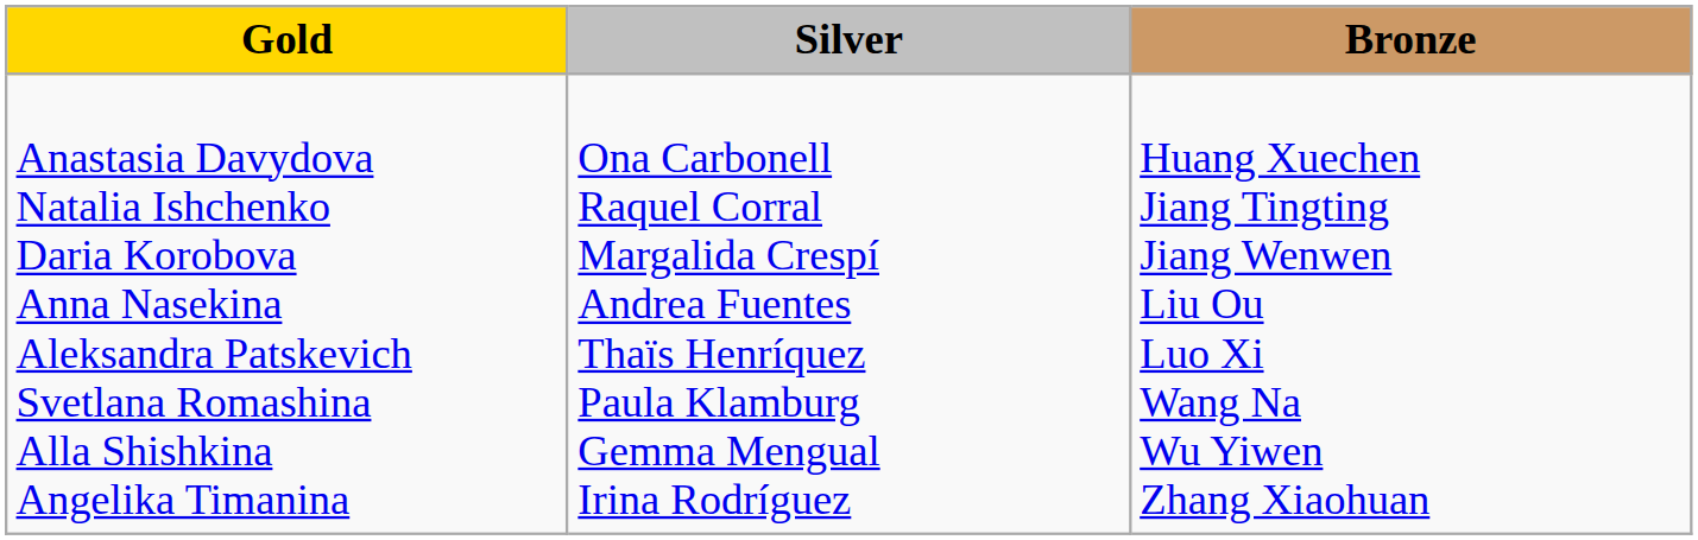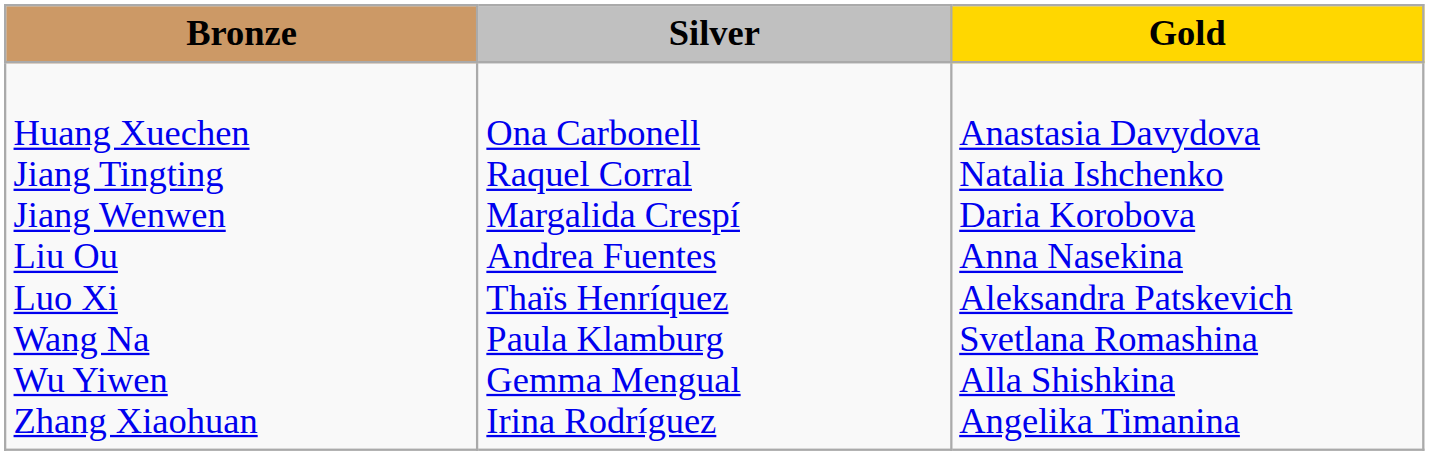 <table class="wikitable" style="text-align:left">
 <tr align="center">
+<td width=200 bgcolor=CC9966><strong>Bronze</strong></td>
+<td width=200 bgcolor=silver><strong>Silver</strong></td>
 <td width=200 bgcolor=gold><strong>Gold</strong></td>
-<td width=200 bgcolor=silver><strong>Silver</strong></td>
-<td width=200 bgcolor=CC9966><strong>Bronze</strong></td>
 </tr>
 <tr>
+<td><br><a href='#'>Huang Xuechen</a><br><a href='#'>Jiang Tingting</a><br><a href='#'>Jiang Wenwen</a><br><a href='#'>Liu Ou</a><br><a href='#'>Luo Xi</a><br><a href='#'>Wang Na</a><br><a href='#'>Wu Yiwen</a><br><a href='#'>Zhang Xiaohuan</a></td>
+<td><br><a href='#'>Ona Carbonell</a><br><a href='#'>Raquel Corral</a><br><a href='#'>Margalida Crespí</a><br><a href='#'>Andrea Fuentes</a><br><a href='#'>Thaïs Henríquez</a><br><a href='#'>Paula Klamburg</a><br><a href='#'>Gemma Mengual</a><br><a href='#'>Irina Rodríguez</a></td>
 <td><br> <a href='#'>Anastasia Davydova</a><br><a href='#'>Natalia Ishchenko</a><br><a href='#'>Daria Korobova</a><br><a href='#'>Anna Nasekina</a><br><a href='#'>Aleksandra Patskevich</a><br><a href='#'>Svetlana Romashina</a><br><a href='#'>Alla Shishkina</a><br><a href='#'>Angelika Timanina</a></td>
-<td><br><a href='#'>Ona Carbonell</a><br><a href='#'>Raquel Corral</a><br><a href='#'>Margalida Crespí</a><br><a href='#'>Andrea Fuentes</a><br><a href='#'>Thaïs Henríquez</a><br><a href='#'>Paula Klamburg</a><br><a href='#'>Gemma Mengual</a><br><a href='#'>Irina Rodríguez</a></td>
-<td><br><a href='#'>Huang Xuechen</a><br><a href='#'>Jiang Tingting</a><br><a href='#'>Jiang Wenwen</a><br><a href='#'>Liu Ou</a><br><a href='#'>Luo Xi</a><br><a href='#'>Wang Na</a><br><a href='#'>Wu Yiwen</a><br><a href='#'>Zhang Xiaohuan</a></td>
 </tr>
 </table>
